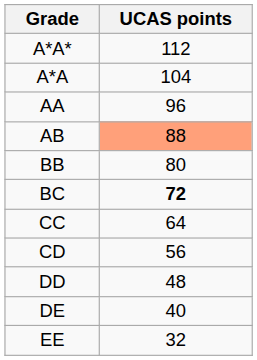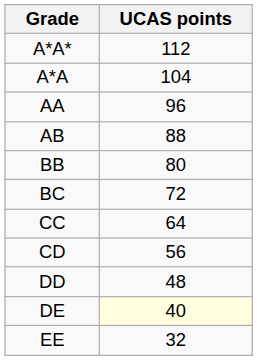 <table class="wikitable" border="1" style="text-align:center; margin-left:1em;">
 <tr>
 <th width="75">Grade</th>
 <th width="125">UCAS points</th>
 </tr>
 <tr>
 <td align="center">A*A*</td>
 <td>112</td>
 </tr>
 <tr>
 <td align="center">A*A</td>
 <td>104</td>
 </tr>
 <tr>
 <td align="center">AA</td>
 <td>96</td>
 </tr>
 <tr>
 <td align="center">AB</td>
-<td style="background: lightsalmon;">88</td>
+<td>88</td>
 </tr>
 <tr>
 <td align="center">BB</td>
 <td>80</td>
 </tr>
 <tr>
 <td align="center">BC</td>
-<td><strong>72</strong></td>
+<td>72</td>
 </tr>
 <tr>
 <td align="center">CC</td>
 <td>64</td>
 </tr>
 <tr>
 <td align="center">CD</td>
 <td>56</td>
 </tr>
 <tr>
 <td align="center">DD</td>
 <td>48</td>
 </tr>
 <tr>
 <td align="center">DE</td>
-<td>40</td>
+<td style="background: lightyellow;">40</td>
 </tr>
 <tr>
 <td align="center">EE</td>
 <td>32</td>
 </tr>
 </table>
